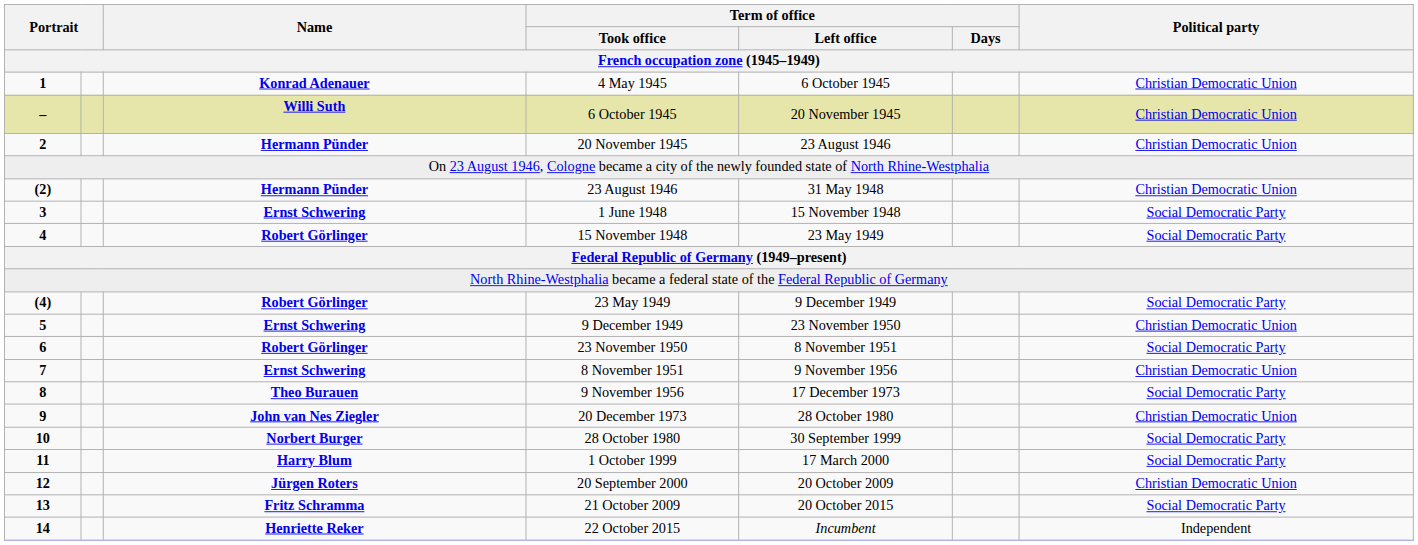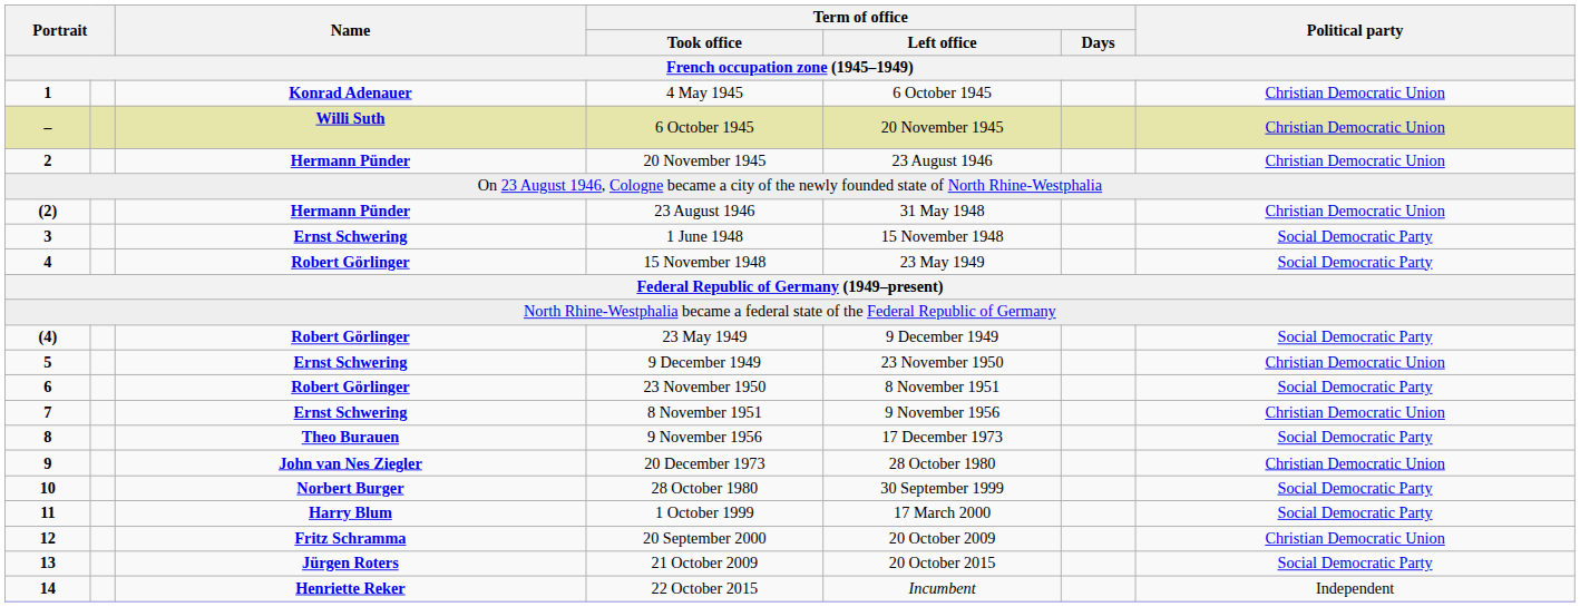 <table class="wikitable" style="text-align:center; width:100%; border:1px #AAAAFF solid">
 <tr>
 <th width=80px rowspan=2 colspan=2>Portrait</th>
 <th width=30% rowspan=2>Name<br></th>
 <th width=35% colspan=3>Term of office</th>
 <th width=28% rowspan=2>Political party</th>
 </tr>
 <tr>
 <th>Took office</th>
 <th>Left office</th>
 <th>Days</th>
 </tr>
 <tr>
 <th colspan="7"><a href='#'>French occupation zone</a> (1945–1949)</th>
 </tr>
 <tr>
 <td style="background:"><strong>1</strong></td>
 <td></td>
 <td><strong><a href='#'>Konrad Adenauer</a></strong><br></td>
 <td>4 May 1945</td>
 <td>6 October 1945</td>
 <td></td>
 <td><a href='#'>Christian Democratic Union</a></td>
 </tr>
 <tr style="background-color: #E6E6AA" |>
 <td style="background:"><strong>–</strong></td>
 <td></td>
 <td><strong><a href='#'>Willi Suth</a></strong><br><br></td>
 <td>6 October 1945</td>
 <td>20 November 1945</td>
 <td></td>
 <td><a href='#'>Christian Democratic Union</a></td>
 </tr>
 <tr>
 <td style="background:"><strong>2</strong></td>
 <td></td>
 <td><strong><a href='#'>Hermann Pünder</a></strong><br></td>
 <td>20 November 1945</td>
 <td>23 August 1946</td>
 <td></td>
 <td><a href='#'>Christian Democratic Union</a></td>
 </tr>
 <tr>
 <td bgcolor=#EEEEEE colspan=7>On <a href='#'>23 August 1946</a>, <a href='#'>Cologne</a> became a city of the newly founded state of <a href='#'>North Rhine-Westphalia</a></td>
 </tr>
 <tr>
 <td style="background:"><strong>(2)</strong></td>
 <td></td>
 <td><strong><a href='#'>Hermann Pünder</a></strong><br></td>
 <td>23 August 1946</td>
 <td>31 May 1948</td>
 <td></td>
 <td><a href='#'>Christian Democratic Union</a></td>
 </tr>
 <tr>
 <td style="background:"><strong>3</strong></td>
 <td></td>
 <td><strong><a href='#'>Ernst Schwering</a></strong><br></td>
 <td>1 June 1948</td>
 <td>15 November 1948</td>
 <td></td>
 <td><a href='#'>Social Democratic Party</a></td>
 </tr>
 <tr>
 <td style="background:"><strong>4</strong></td>
 <td></td>
 <td><strong><a href='#'>Robert Görlinger</a></strong><br></td>
 <td>15 November 1948</td>
 <td>23 May 1949</td>
 <td></td>
 <td><a href='#'>Social Democratic Party</a></td>
 </tr>
 <tr>
 <th colspan="7"><a href='#'>Federal Republic of Germany</a> (1949–present)</th>
 </tr>
 <tr>
 <td bgcolor=#EEEEEE colspan=7><a href='#'>North Rhine-Westphalia</a> became a federal state of the <a href='#'>Federal Republic of Germany</a></td>
 </tr>
 <tr>
 <td style="background:"><strong>(4)</strong></td>
 <td></td>
 <td><strong><a href='#'>Robert Görlinger</a></strong><br></td>
 <td>23 May 1949</td>
 <td>9 December 1949</td>
 <td></td>
 <td><a href='#'>Social Democratic Party</a></td>
 </tr>
 <tr>
 <td style="background:"><strong>5</strong></td>
 <td></td>
 <td><strong><a href='#'>Ernst Schwering</a></strong><br></td>
 <td>9 December 1949</td>
 <td>23 November 1950</td>
 <td></td>
 <td><a href='#'>Christian Democratic Union</a></td>
 </tr>
 <tr>
 <td style="background:"><strong>6</strong></td>
 <td></td>
 <td><strong><a href='#'>Robert Görlinger</a></strong><br></td>
 <td>23 November 1950</td>
 <td>8 November 1951</td>
 <td></td>
 <td><a href='#'>Social Democratic Party</a></td>
 </tr>
 <tr>
 <td style="background:"><strong>7</strong></td>
 <td></td>
 <td><strong><a href='#'>Ernst Schwering</a></strong><br></td>
 <td>8 November 1951</td>
 <td>9 November 1956</td>
 <td></td>
 <td><a href='#'>Christian Democratic Union</a></td>
 </tr>
 <tr>
 <td style="background:"><strong>8</strong></td>
 <td></td>
 <td><strong><a href='#'>Theo Burauen</a></strong><br></td>
 <td>9 November 1956</td>
 <td>17 December 1973</td>
 <td></td>
 <td><a href='#'>Social Democratic Party</a></td>
 </tr>
 <tr>
 <td style="background:"><strong>9</strong></td>
 <td></td>
 <td><strong><a href='#'>John van Nes Ziegler</a></strong><br></td>
 <td>20 December 1973</td>
 <td>28 October 1980</td>
 <td></td>
 <td><a href='#'>Christian Democratic Union</a></td>
 </tr>
 <tr>
 <td style="background:"><strong>10</strong></td>
 <td></td>
 <td><strong><a href='#'>Norbert Burger</a></strong><br></td>
 <td>28 October 1980</td>
 <td>30 September 1999</td>
 <td></td>
 <td><a href='#'>Social Democratic Party</a></td>
 </tr>
 <tr>
 <td style="background:"><strong>11</strong></td>
 <td></td>
 <td><strong><a href='#'>Harry Blum</a></strong><br></td>
 <td>1 October 1999</td>
 <td>17 March 2000</td>
 <td></td>
 <td><a href='#'>Social Democratic Party</a></td>
 </tr>
 <tr>
 <td style="background:"><strong>12</strong></td>
 <td></td>
-<td><strong><a href='#'>Jürgen Roters</a></strong><br></td>
+<td><strong><a href='#'>Fritz Schramma</a></strong><br></td>
 <td>20 September 2000</td>
 <td>20 October 2009</td>
 <td></td>
 <td><a href='#'>Christian Democratic Union</a></td>
 </tr>
 <tr>
 <td style="background:"><strong>13</strong></td>
 <td></td>
-<td><strong><a href='#'>Fritz Schramma</a></strong><br></td>
+<td><strong><a href='#'>Jürgen Roters</a></strong><br></td>
 <td>21 October 2009</td>
 <td>20 October 2015</td>
 <td></td>
 <td><a href='#'>Social Democratic Party</a></td>
 </tr>
 <tr>
 <td style="background:"><strong>14</strong></td>
 <td></td>
 <td><strong><a href='#'>Henriette Reker</a></strong><br></td>
 <td>22 October 2015</td>
 <td><em>Incumbent</em></td>
 <td></td>
 <td>Independent</td>
 </tr>
 <tr>
 </tr>
 </table>
